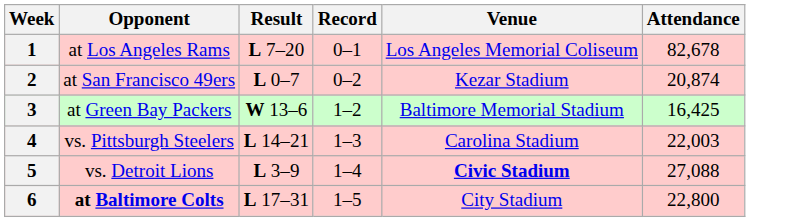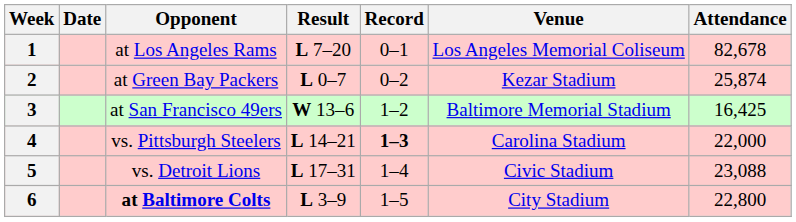 <table class="wikitable" style="text-align:center">
 <tr>
 <th>Week</th>
+<th>Date</th>
 <th>Opponent</th>
 <th>Result</th>
 <th>Record</th>
 <th>Venue</th>
 <th>Attendance</th>
 </tr>
 <tr style="background:#fcc;">
 <th>1</th>
+<td></td>
 <td>at <a href='#'>Los Angeles Rams</a></td>
 <td><strong>L</strong> 7–20</td>
 <td>0–1</td>
 <td><a href='#'>Los Angeles Memorial Coliseum</a></td>
 <td>82,678</td>
 </tr>
 <tr style="background:#fcc;">
 <th>2</th>
-<td>at <a href='#'>San Francisco 49ers</a></td>
+<td></td>
+<td>at <a href='#'>Green Bay Packers</a></td>
 <td><strong>L</strong> 0–7</td>
 <td>0–2</td>
 <td><a href='#'>Kezar Stadium</a></td>
-<td>20,874</td>
+<td>25,874</td>
 </tr>
 <tr style="background:#cfc;">
 <th>3</th>
-<td>at <a href='#'>Green Bay Packers</a></td>
+<td></td>
+<td>at <a href='#'>San Francisco 49ers</a></td>
 <td><strong>W</strong> 13–6</td>
 <td>1–2</td>
 <td><a href='#'>Baltimore Memorial Stadium</a></td>
 <td>16,425</td>
 </tr>
 <tr style="background:#fcc;">
 <th>4</th>
+<td></td>
 <td>vs. <a href='#'>Pittsburgh Steelers</a></td>
 <td><strong>L</strong> 14–21</td>
-<td>1–3</td>
+<td><strong>1–3</strong></td>
 <td><a href='#'>Carolina Stadium</a> </td>
-<td>22,003</td>
+<td>22,000</td>
 </tr>
 <tr style="background:#fcc;">
 <th>5</th>
+<td></td>
 <td>vs. <a href='#'>Detroit Lions</a></td>
-<td><strong>L</strong> 3–9</td>
+<td><strong>L</strong> 17–31</td>
 <td>1–4</td>
-<td><strong><a href='#'>Civic Stadium</a> </strong></td>
-<td>27,088</td>
+<td><a href='#'>Civic Stadium</a> </td>
+<td>23,088</td>
 </tr>
 <tr style="background:#fcc;">
 <th>6</th>
+<td></td>
 <td><strong>at <a href='#'>Baltimore Colts</a></strong></td>
-<td><strong>L</strong> 17–31</td>
+<td><strong>L</strong> 3–9</td>
 <td>1–5</td>
 <td><a href='#'>City Stadium</a></td>
 <td>22,800</td>
 </tr>
 </table>
